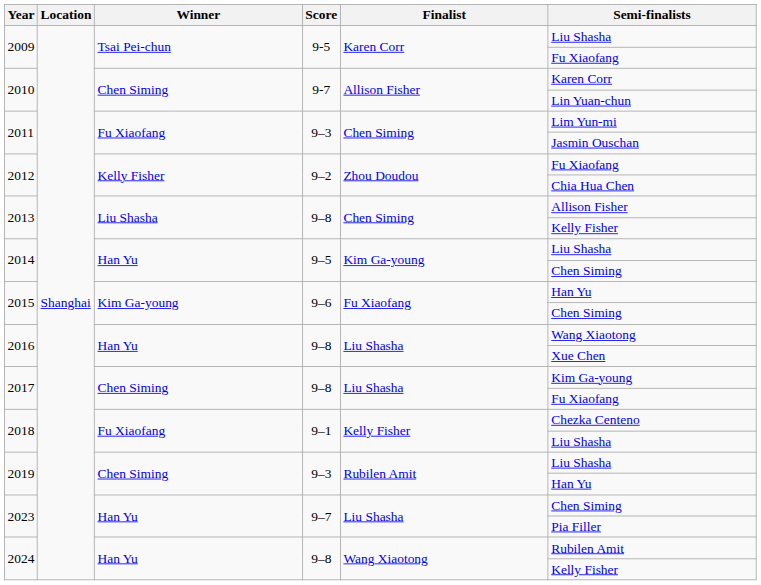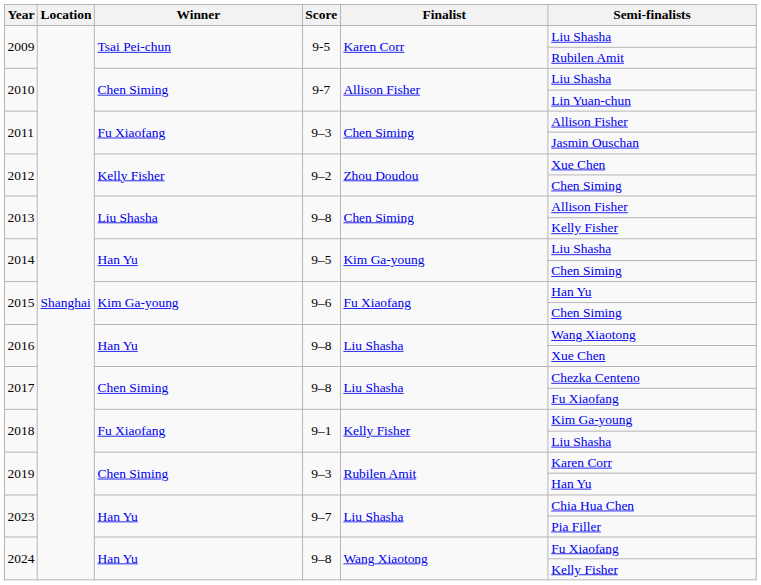 <table class="wikitable sortable">
 <tr>
 <th>Year</th>
 <th>Location</th>
 <th style="width:15em">Winner</th>
 <th>Score</th>
 <th style="width:15em">Finalist</th>
 <th style="width:15em">Semi-finalists</th>
 </tr>
 <tr>
 <td rowspan="2">2009</td>
 <td rowspan="30"> <a href='#'>Shanghai</a></td>
 <td rowspan="2"> <a href='#'>Tsai Pei-chun</a></td>
 <td rowspan="2" align="center">9-5</td>
 <td rowspan="2"> <a href='#'>Karen Corr</a></td>
 <td> <a href='#'>Liu Shasha</a></td>
 </tr>
 <tr>
-<td> <a href='#'>Fu Xiaofang</a></td>
+<td> <a href='#'>Rubilen Amit</a></td>
 </tr>
 <tr>
 <td rowspan="2">2010</td>
 <td rowspan="2"> <a href='#'>Chen Siming</a></td>
 <td rowspan="2" align="center">9-7</td>
 <td rowspan="2"> <a href='#'>Allison Fisher</a></td>
-<td> <a href='#'>Karen Corr</a></td>
+<td> <a href='#'>Liu Shasha</a></td>
 </tr>
 <tr>
 <td> <a href='#'>Lin Yuan-chun</a></td>
 </tr>
 <tr>
 <td rowspan="2">2011</td>
 <td rowspan="2"> <a href='#'>Fu Xiaofang</a></td>
 <td rowspan="2" align="center">9–3</td>
 <td rowspan="2"> <a href='#'>Chen Siming</a></td>
-<td> <a href='#'>Lim Yun-mi</a></td>
+<td> <a href='#'>Allison Fisher</a></td>
 </tr>
 <tr>
 <td> <a href='#'>Jasmin Ouschan</a></td>
 </tr>
 <tr>
 <td rowspan="2">2012</td>
 <td rowspan="2"> <a href='#'>Kelly Fisher</a></td>
 <td rowspan="2" align="center">9–2</td>
 <td rowspan="2"> <a href='#'>Zhou Doudou</a></td>
-<td> <a href='#'>Fu Xiaofang</a></td>
+<td> <a href='#'>Xue Chen</a></td>
 </tr>
 <tr>
-<td> <a href='#'>Chia Hua Chen</a></td>
+<td> <a href='#'>Chen Siming</a></td>
 </tr>
 <tr>
 <td rowspan="2">2013</td>
 <td rowspan="2"> <a href='#'>Liu Shasha</a></td>
 <td rowspan="2" align="center">9–8</td>
 <td rowspan="2"> <a href='#'>Chen Siming</a></td>
 <td> <a href='#'>Allison Fisher</a></td>
 </tr>
 <tr>
 <td> <a href='#'>Kelly Fisher</a></td>
 </tr>
 <tr>
 <td rowspan="2">2014</td>
 <td rowspan="2"> <a href='#'>Han Yu</a></td>
 <td rowspan="2" align="center">9–5</td>
 <td rowspan="2"> <a href='#'>Kim Ga-young</a></td>
 <td> <a href='#'>Liu Shasha</a></td>
 </tr>
 <tr>
 <td> <a href='#'>Chen Siming</a></td>
 </tr>
 <tr>
 <td rowspan="2">2015</td>
 <td rowspan="2"> <a href='#'>Kim Ga-young</a></td>
 <td rowspan="2" align="center">9–6</td>
 <td rowspan="2"> <a href='#'>Fu Xiaofang</a></td>
 <td> <a href='#'>Han Yu</a></td>
 </tr>
 <tr>
 <td> <a href='#'>Chen Siming</a></td>
 </tr>
 <tr>
 <td rowspan="2">2016</td>
 <td rowspan="2"> <a href='#'>Han Yu</a> </td>
 <td rowspan="2" align="center">9–8</td>
 <td rowspan="2"> <a href='#'>Liu Shasha</a></td>
 <td> <a href='#'>Wang Xiaotong</a></td>
 </tr>
 <tr>
 <td> <a href='#'>Xue Chen</a></td>
 </tr>
 <tr>
 <td rowspan="2">2017</td>
 <td rowspan="2"> <a href='#'>Chen Siming</a> </td>
 <td rowspan="2" align="center">9–8</td>
 <td rowspan="2"> <a href='#'>Liu Shasha</a></td>
-<td> <a href='#'>Kim Ga-young</a></td>
+<td> <a href='#'>Chezka Centeno</a></td>
 </tr>
 <tr>
 <td> <a href='#'>Fu Xiaofang</a></td>
 </tr>
 <tr>
 <td rowspan="2">2018</td>
 <td rowspan="2"> <a href='#'>Fu Xiaofang</a> </td>
 <td rowspan="2" align="center">9–1</td>
 <td rowspan="2"> <a href='#'>Kelly Fisher</a></td>
-<td> <a href='#'>Chezka Centeno</a></td>
+<td> <a href='#'>Kim Ga-young</a></td>
 </tr>
 <tr>
 <td> <a href='#'>Liu Shasha</a></td>
 </tr>
 <tr>
 <td rowspan="2">2019</td>
 <td rowspan="2"> <a href='#'>Chen Siming</a> </td>
 <td rowspan="2" align="center">9–3</td>
 <td rowspan="2"> <a href='#'>Rubilen Amit</a></td>
-<td> <a href='#'>Liu Shasha</a></td>
+<td> <a href='#'>Karen Corr</a></td>
 </tr>
 <tr>
 <td> <a href='#'>Han Yu</a></td>
 </tr>
 <tr>
 <td rowspan="2">2023</td>
 <td rowspan="2"> <a href='#'>Han Yu</a> </td>
 <td rowspan="2" align="center">9–7</td>
 <td rowspan="2"> <a href='#'>Liu Shasha</a></td>
-<td> <a href='#'>Chen Siming</a></td>
+<td> <a href='#'>Chia Hua Chen</a></td>
 </tr>
 <tr>
 <td> <a href='#'>Pia Filler</a></td>
 </tr>
 <tr>
 <td rowspan="2">2024</td>
 <td rowspan="2"> <a href='#'>Han Yu</a> </td>
 <td rowspan="2" align="center">9–8</td>
 <td rowspan="2"> <a href='#'>Wang Xiaotong</a></td>
-<td> <a href='#'>Rubilen Amit</a></td>
+<td> <a href='#'>Fu Xiaofang</a></td>
 </tr>
 <tr>
 <td> <a href='#'>Kelly Fisher</a></td>
 </tr>
 </table>
